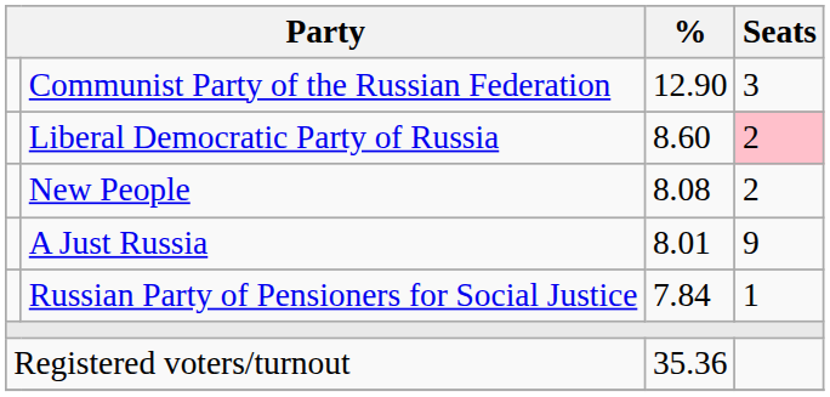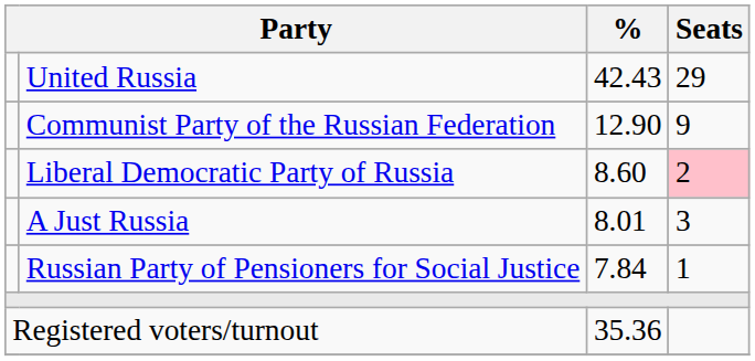 <table class="wikitable">
 <tr>
 <th colspan=2>Party</th>
 <th>%</th>
 <th>Seats</th>
 </tr>
 <tr>
 <td style="background:"></td>
+<td><a href='#'>United Russia</a></td>
+<td>42.43</td>
+<td>29</td>
+</tr>
+<tr>
+<td style="background:"></td>
 <td><a href='#'>Communist Party of the Russian Federation</a></td>
 <td>12.90</td>
-<td>3</td>
+<td>9</td>
 </tr>
 <tr>
 <td style="background:"></td>
 <td><a href='#'>Liberal Democratic Party of Russia</a></td>
 <td>8.60</td>
 <td style="background: pink;">2</td>
 </tr>
 <tr>
 <td style="background:"></td>
-<td><a href='#'>New People</a></td>
-<td>8.08</td>
-<td>2</td>
-</tr>
-<tr>
-<td style="background:"></td>
 <td><a href='#'>A Just Russia</a></td>
 <td>8.01</td>
-<td>9</td>
+<td>3</td>
 </tr>
 <tr>
 <td style="background:"></td>
 <td><a href='#'>Russian Party of Pensioners for Social Justice</a></td>
 <td>7.84</td>
 <td>1</td>
 </tr>
 <tr>
 <td colspan=4 style="background:#E9E9E9;"></td>
 </tr>
 <tr>
 <td align=left colspan=2>Registered voters/turnout</td>
 <td>35.36</td>
 <td></td>
 </tr>
 <tr>
 </tr>
 </table>
